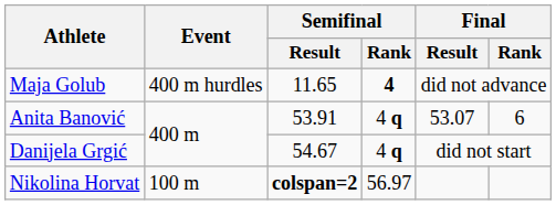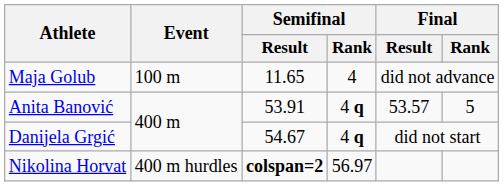 <table class="wikitable" style="font-size:90%">
 <tr>
 <th rowspan="2">Athlete</th>
 <th rowspan="2">Event</th>
 <th colspan="2">Semifinal</th>
 <th colspan="2">Final</th>
 </tr>
 <tr style="font-size:95%">
 <th>Result</th>
 <th>Rank</th>
 <th>Result</th>
 <th>Rank</th>
 </tr>
 <tr align=center>
 <td align=left><a href='#'>Maja Golub</a></td>
-<td align=left>400 m hurdles</td>
+<td align=left>100 m</td>
 <td>11.65</td>
-<td><strong>4</strong></td>
+<td>4</td>
 <td colspan=2>did not advance</td>
 </tr>
 <tr align=center>
 <td align=left><a href='#'>Anita Banović</a></td>
 <td align=left rowspan=2>400 m</td>
 <td>53.91</td>
 <td>4 <strong>q</strong></td>
-<td>53.07</td>
-<td>6</td>
+<td>53.57</td>
+<td>5</td>
 </tr>
 <tr align=center>
 <td align=left><a href='#'>Danijela Grgić</a></td>
 <td>54.67</td>
 <td>4 <strong>q</strong></td>
 <td colspan=2>did not start</td>
 </tr>
 <tr align=center>
 <td align=left><a href='#'>Nikolina Horvat</a></td>
-<td align=left>100 m</td>
+<td align=left>400 m hurdles</td>
 <td><strong>colspan=2 </strong></td>
 <td>56.97</td>
 <td></td>
 </tr>
 </table>
